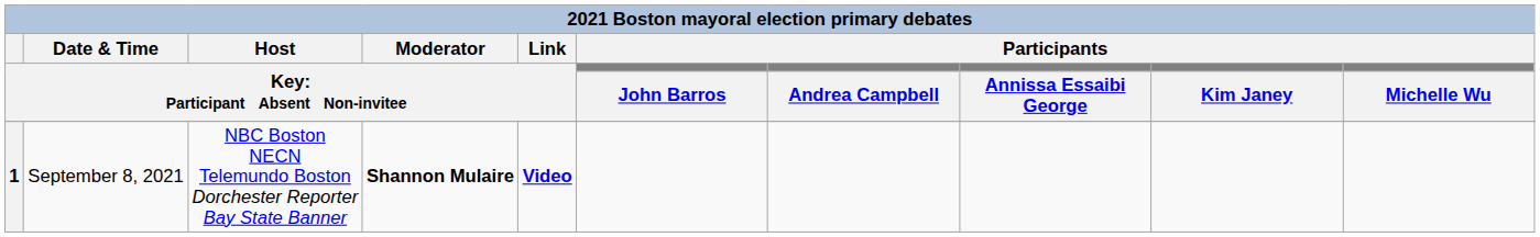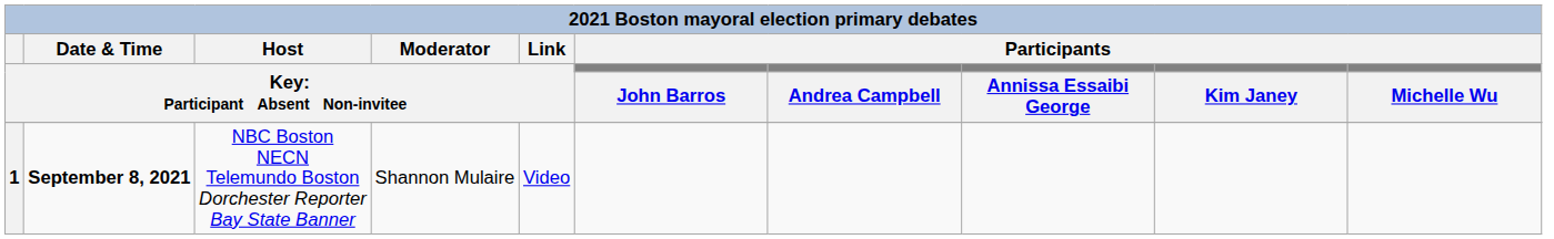 <table class="wikitable">
 <tr>
 <th style="background:#B0C4DE" colspan="16">2021 Boston mayoral election primary debates</th>
 </tr>
 <tr>
 <th style="white-space:nowrap;"> </th>
 <th>Date & Time</th>
 <th>Host</th>
 <th>Moderator</th>
 <th>Link</th>
 <th scope="col" colspan="10">Participants</th>
 </tr>
 <tr>
 <th colspan="5" rowspan="2">Key:<br> <small>Participant  </small>  <small>Absent  </small>  <small>Non-invitee  </small></th>
 <th scope="col" style="width:10em; background: #808080;"></th>
 <th scope="col" style="width:10em; background: #808080;"></th>
 <th scope="col" style="width:10em; background: #808080;"></th>
 <th scope="col" style="width:10em; background: #808080;"></th>
 <th scope="col" style="width:10em; background: #808080;"></th>
 </tr>
 <tr>
 <th><a href='#'>John Barros</a></th>
 <th><a href='#'>Andrea Campbell</a></th>
 <th><a href='#'>Annissa Essaibi George</a></th>
 <th><a href='#'>Kim Janey</a></th>
 <th><a href='#'>Michelle Wu</a></th>
 </tr>
 <tr>
 </tr>
 <tr>
 <th> 1</th>
-<td style="white-space:nowrap;text-align:center;">September 8, 2021</td>
+<td style="white-space:nowrap;text-align:center;"><strong>September 8, 2021</strong></td>
 <td style="white-space:nowrap;text-align:center;"><a href='#'>NBC Boston</a><br><a href='#'>NECN</a><br><a href='#'>Telemundo Boston</a><br><em>Dorchester Reporter</em><br><em><a href='#'>Bay State Banner</a></em></td>
-<td style="white-space:nowrap;text-align:center;"><strong>Shannon Mulaire</strong></td>
-<td style="white-space:nowrap;text-align:center;"><strong><a href='#'>Video</a></strong></td>
+<td style="white-space:nowrap;text-align:center;">Shannon Mulaire</td>
+<td style="white-space:nowrap;text-align:center;"><a href='#'>Video</a></td>
 <td></td>
 <td></td>
 <td></td>
 <td></td>
 <td></td>
 </tr>
 </table>
